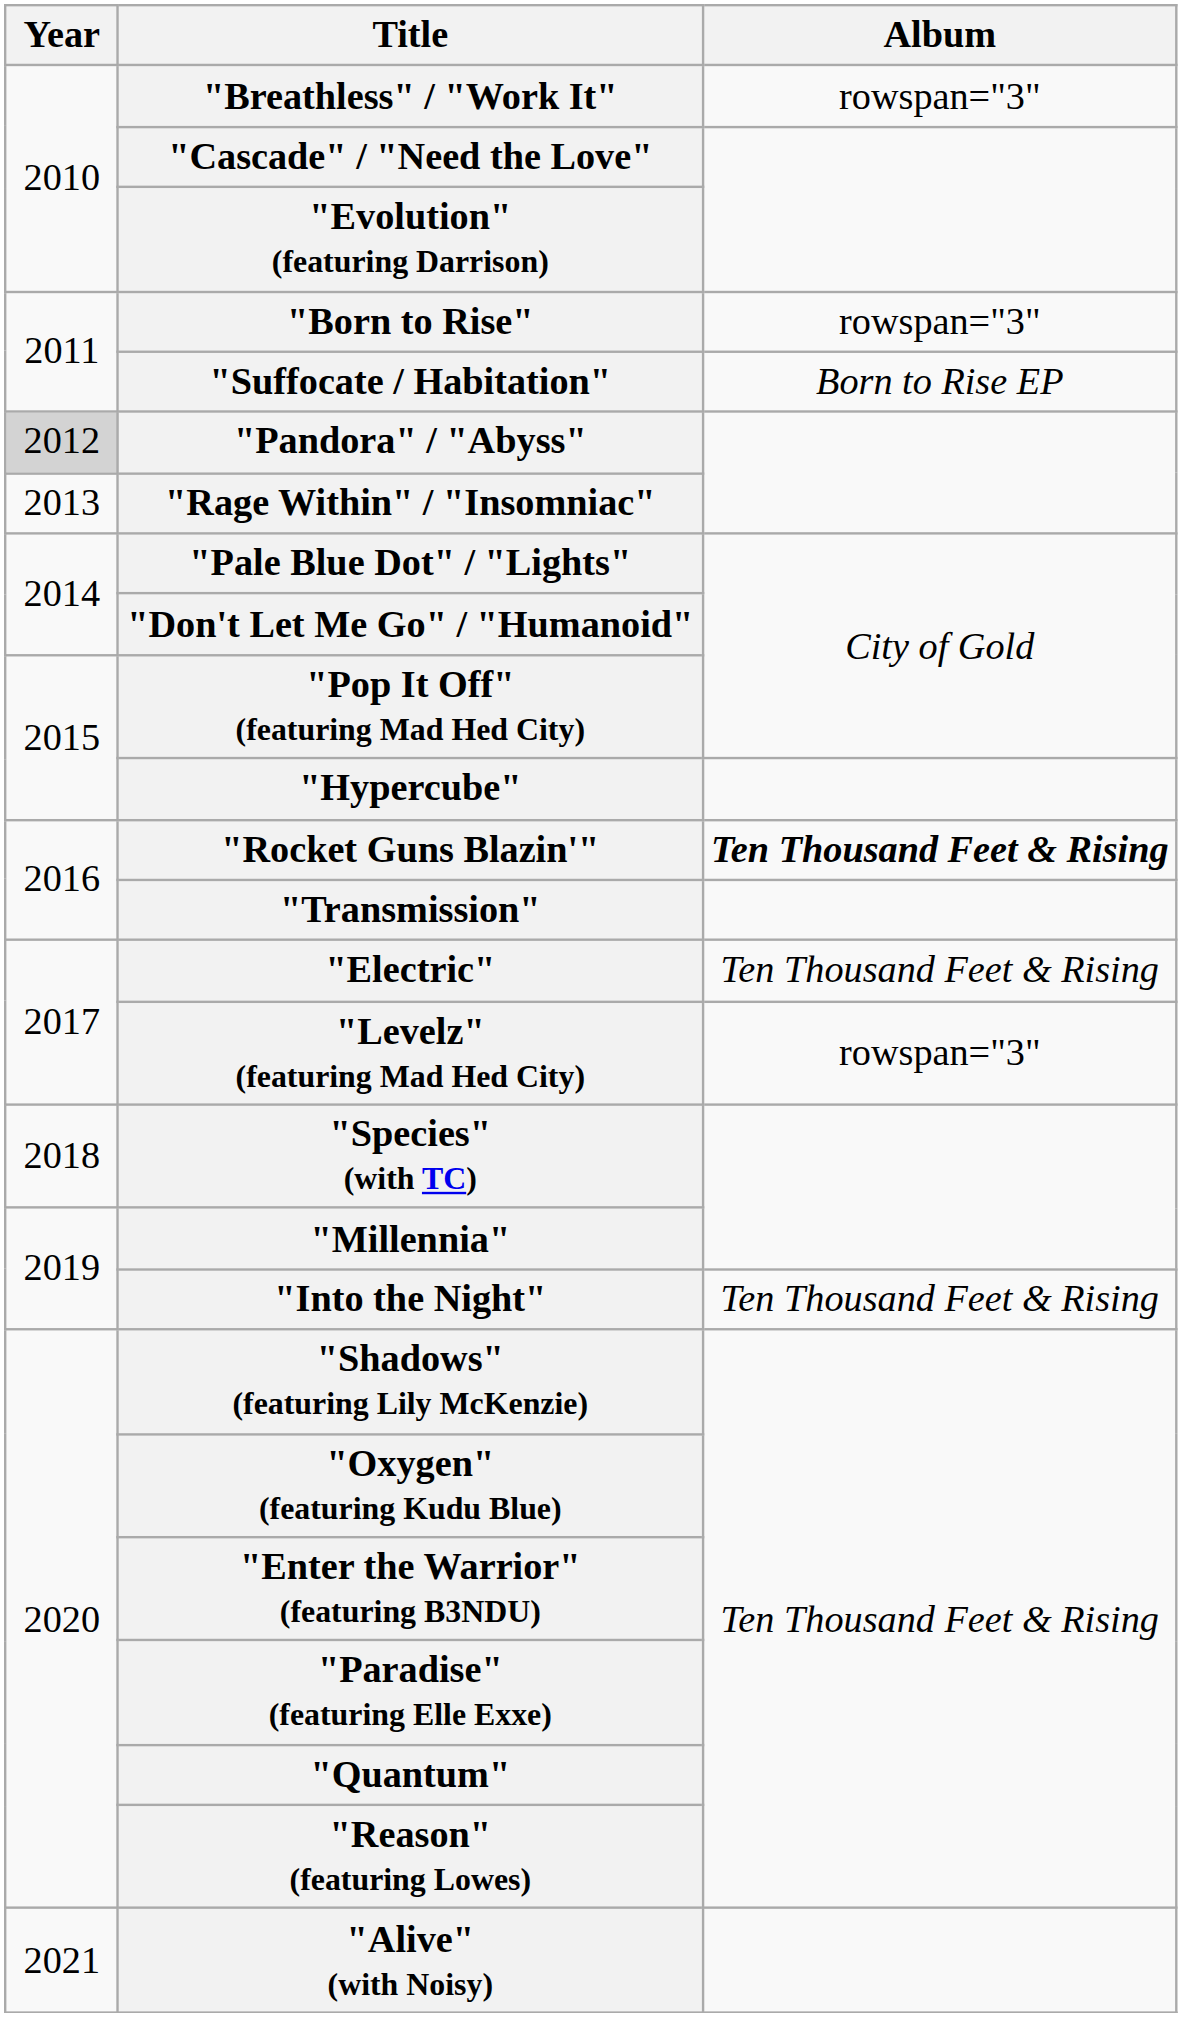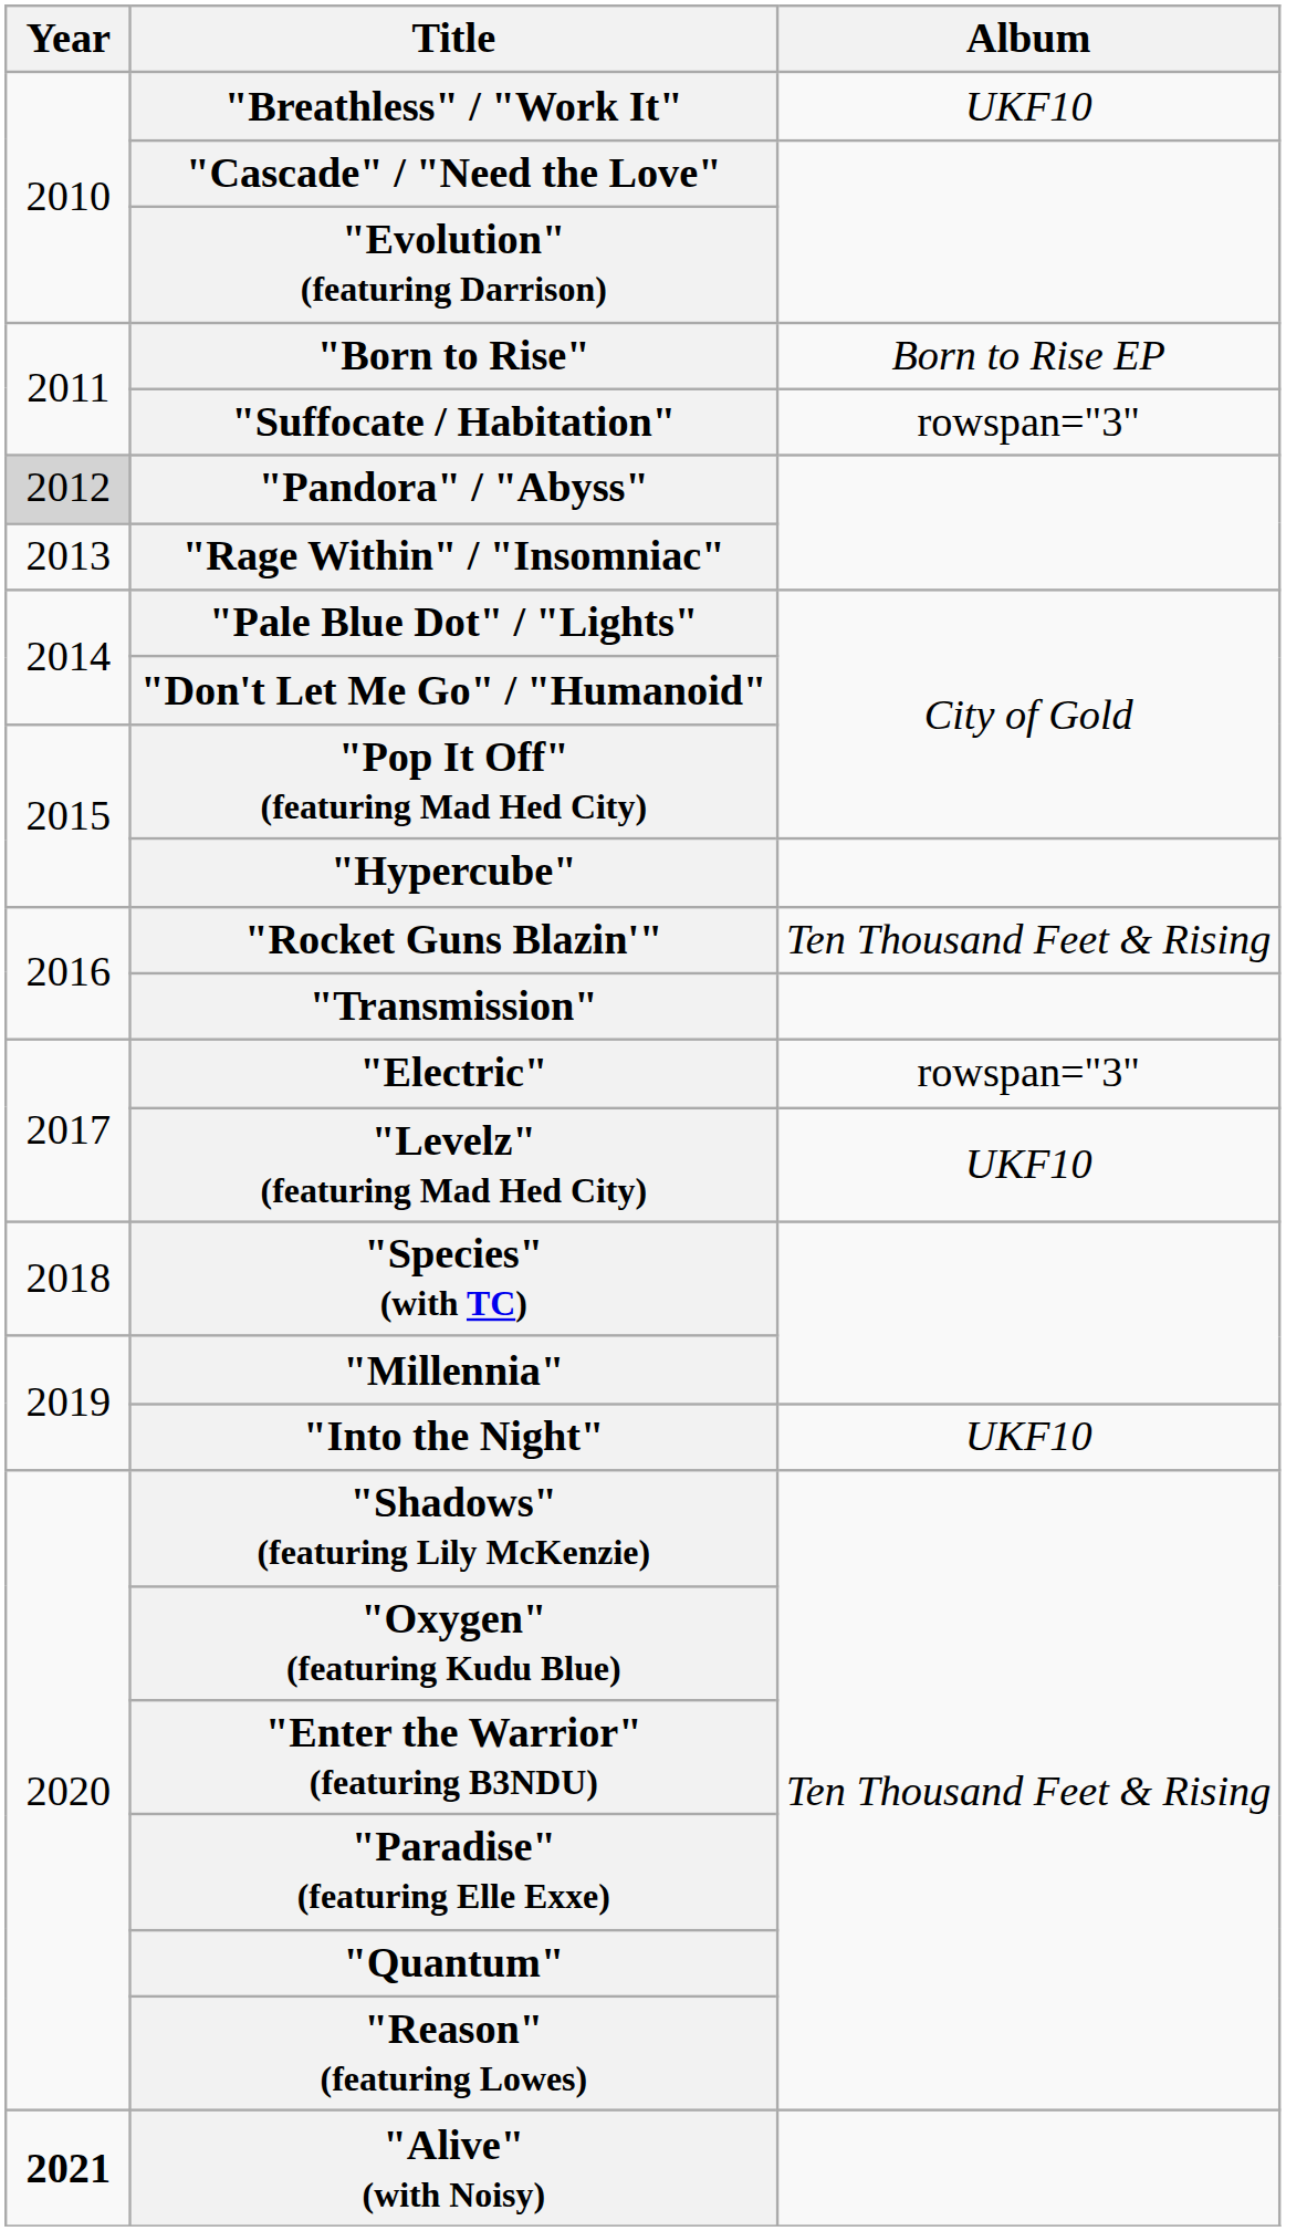 <table class="wikitable plainrowheaders" style="text-align:center;">
 <tr>
 <th scope="col" style="width:2.5em;">Year</th>
 <th scope="col">Title</th>
 <th scope="col">Album</th>
 </tr>
 <tr>
 <td rowspan="3">2010</td>
 <th scope="row">"Breathless" / "Work It"</th>
-<td>rowspan="3" </td>
+<td><em>UKF10</em></td>
 </tr>
 <tr>
 <th scope="row">"Cascade" / "Need the Love"</th>
 </tr>
 <tr>
 <th scope="row">"Evolution" <br><small>(featuring Darrison)</small></th>
 </tr>
 <tr>
 <td rowspan="2">2011</td>
 <th scope="row">"Born to Rise"</th>
-<td>rowspan="3" </td>
+<td><em>Born to Rise EP</em></td>
 </tr>
 <tr>
 <th scope="row">"Suffocate / Habitation"</th>
-<td><em>Born to Rise EP</em></td>
+<td>rowspan="3" </td>
 </tr>
 <tr>
 <td style="background: lightgrey;">2012</td>
 <th scope="row">"Pandora" / "Abyss"</th>
 </tr>
 <tr>
 <td>2013</td>
 <th scope="row">"Rage Within" / "Insomniac"</th>
 </tr>
 <tr>
 <td rowspan="2">2014</td>
 <th scope="row">"Pale Blue Dot" / "Lights"</th>
 <td rowspan="3"><em>City of Gold</em></td>
 </tr>
 <tr>
 <th scope="row">"Don't Let Me Go" / "Humanoid"</th>
 </tr>
 <tr>
 <td rowspan="2">2015</td>
 <th scope="row">"Pop It Off" <br><small>(featuring Mad Hed City)</small></th>
 </tr>
 <tr>
 <th scope="row">"Hypercube"</th>
 <td></td>
 </tr>
 <tr>
 <td rowspan="2">2016</td>
 <th scope="row">"Rocket Guns Blazin'"</th>
-<td><strong><em>Ten Thousand Feet & Rising</em></strong></td>
+<td><em>Ten Thousand Feet & Rising</em></td>
 </tr>
 <tr>
 <th scope="row">"Transmission"</th>
 <td></td>
 </tr>
 <tr>
 <td rowspan="2">2017</td>
 <th scope="row">"Electric"</th>
-<td><em>Ten Thousand Feet & Rising</em></td>
+<td>rowspan="3" </td>
 </tr>
 <tr>
 <th scope="row">"Levelz" <br><small>(featuring Mad Hed City)</small></th>
-<td>rowspan="3" </td>
+<td><em>UKF10</em></td>
 </tr>
 <tr>
 <td>2018</td>
 <th scope="row">"Species" <br><small>(with <a href='#'>TC</a>)</small></th>
 </tr>
 <tr>
 <td rowspan="2">2019</td>
 <th scope="row">"Millennia"</th>
 </tr>
 <tr>
 <th scope="row">"Into the Night"</th>
-<td><em>Ten Thousand Feet & Rising</em></td>
+<td><em>UKF10</em></td>
 </tr>
 <tr>
 <td rowspan="6">2020</td>
 <th scope="row">"Shadows" <br><small>(featuring Lily McKenzie)</small></th>
 <td rowspan="6"><em>Ten Thousand Feet & Rising</em></td>
 </tr>
 <tr>
 <th scope="row">"Oxygen" <br><small>(featuring Kudu Blue)</small></th>
 </tr>
 <tr>
 <th scope="row">"Enter the Warrior" <br><small>(featuring B3NDU)</small></th>
 </tr>
 <tr>
 <th scope="row">"Paradise" <br><small>(featuring Elle Exxe)</small></th>
 </tr>
 <tr>
 <th scope="row">"Quantum"</th>
 </tr>
 <tr>
 <th scope="row">"Reason" <br><small>(featuring Lowes)</small></th>
 </tr>
 <tr>
-<td>2021</td>
+<td><strong>2021</strong></td>
 <th scope="row">"Alive" <br><small>(with Noisy)</small></th>
 <td></td>
 </tr>
 <tr>
 </tr>
 </table>
